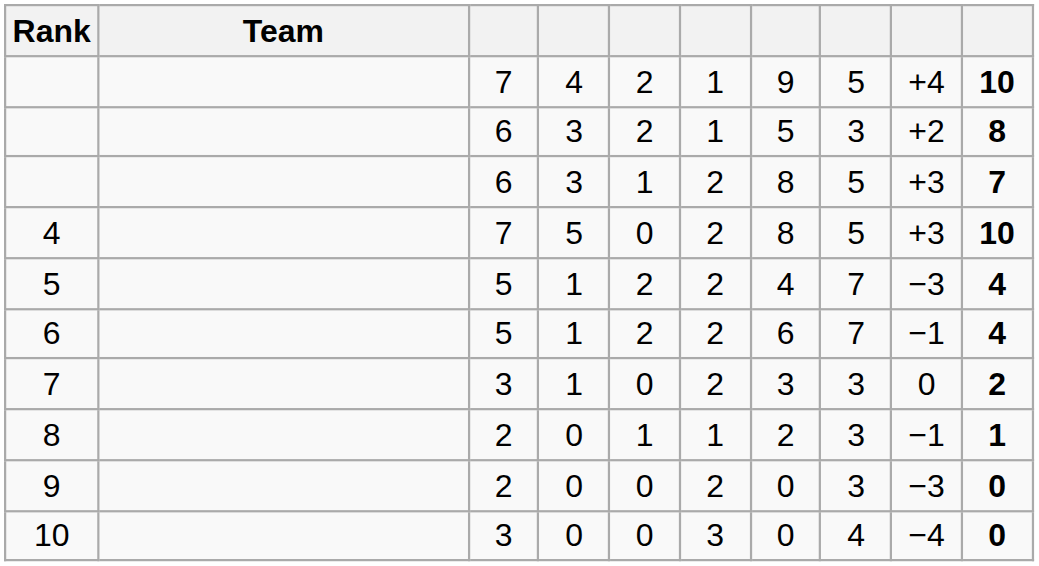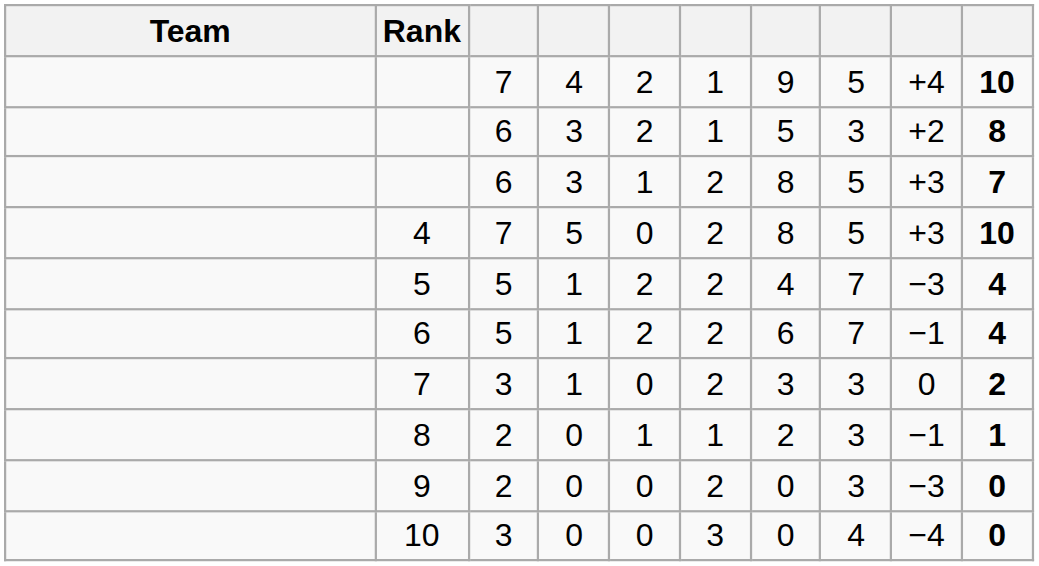 <table class="wikitable" style="text-align: center; font-size:90% ">
 <tr>
+<th width=160>Team</th>
 <th width=35>Rank</th>
-<th width=160>Team</th>
 <th width=25></th>
 <th width=25></th>
 <th width=25></th>
 <th width=25></th>
 <th width=25></th>
 <th width=25></th>
 <th width=25></th>
 <th width=25></th>
 </tr>
 <tr>
+<td align=left></td>
 <td></td>
-<td align=left></td>
 <td>7</td>
 <td>4</td>
 <td>2</td>
 <td>1</td>
 <td>9</td>
 <td>5</td>
 <td>+4</td>
 <td><strong>10</strong></td>
 </tr>
 <tr>
+<td align=left></td>
 <td></td>
-<td align=left></td>
 <td>6</td>
 <td>3</td>
 <td>2</td>
 <td>1</td>
 <td>5</td>
 <td>3</td>
 <td>+2</td>
 <td><strong>8</strong></td>
 </tr>
 <tr>
+<td align=left></td>
 <td></td>
-<td align=left></td>
 <td>6</td>
 <td>3</td>
 <td>1</td>
 <td>2</td>
 <td>8</td>
 <td>5</td>
 <td>+3</td>
 <td><strong>7</strong></td>
 </tr>
 <tr>
+<td align=left></td>
 <td>4</td>
-<td align=left></td>
 <td>7</td>
 <td>5</td>
 <td>0</td>
 <td>2</td>
 <td>8</td>
 <td>5</td>
 <td>+3</td>
 <td><strong>10</strong></td>
 </tr>
 <tr>
+<td align=left></td>
 <td>5</td>
-<td align=left></td>
 <td>5</td>
 <td>1</td>
 <td>2</td>
 <td>2</td>
 <td>4</td>
 <td>7</td>
 <td>−3</td>
 <td><strong>4</strong></td>
 </tr>
 <tr>
+<td align=left></td>
 <td>6</td>
-<td align=left></td>
 <td>5</td>
 <td>1</td>
 <td>2</td>
 <td>2</td>
 <td>6</td>
 <td>7</td>
 <td>−1</td>
 <td><strong>4</strong></td>
 </tr>
 <tr>
+<td align=left></td>
 <td>7</td>
-<td align=left></td>
 <td>3</td>
 <td>1</td>
 <td>0</td>
 <td>2</td>
 <td>3</td>
 <td>3</td>
 <td>0</td>
 <td><strong>2</strong></td>
 </tr>
 <tr>
+<td align=left></td>
 <td>8</td>
-<td align=left></td>
 <td>2</td>
 <td>0</td>
 <td>1</td>
 <td>1</td>
 <td>2</td>
 <td>3</td>
 <td>−1</td>
 <td><strong>1</strong></td>
 </tr>
 <tr>
+<td align=left></td>
 <td>9</td>
-<td align=left></td>
 <td>2</td>
 <td>0</td>
 <td>0</td>
 <td>2</td>
 <td>0</td>
 <td>3</td>
 <td>−3</td>
 <td><strong>0</strong></td>
 </tr>
 <tr>
+<td align=left></td>
 <td>10</td>
-<td align=left></td>
 <td>3</td>
 <td>0</td>
 <td>0</td>
 <td>3</td>
 <td>0</td>
 <td>4</td>
 <td>−4</td>
 <td><strong>0</strong></td>
 </tr>
 </table>
